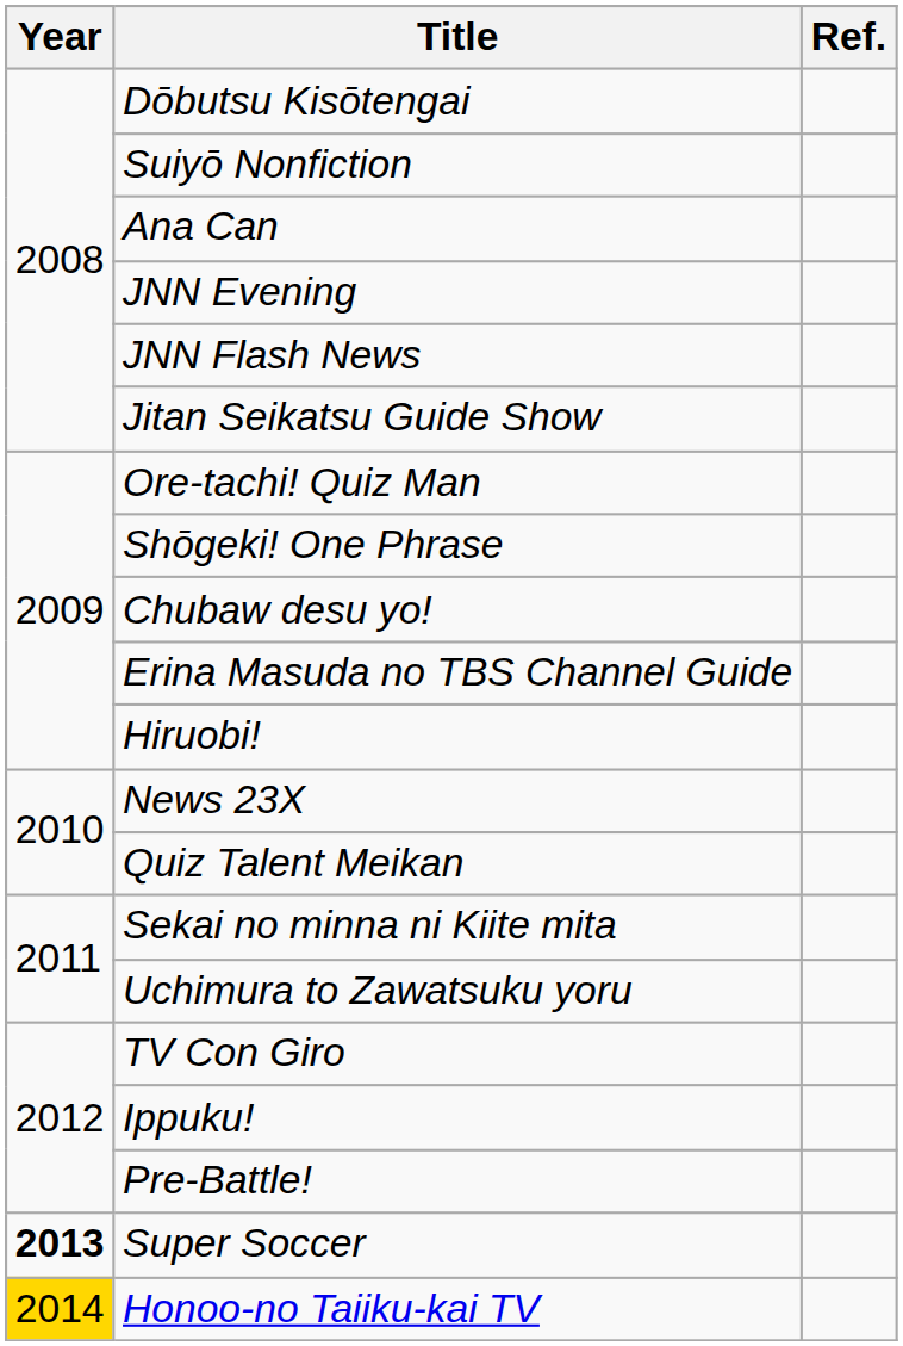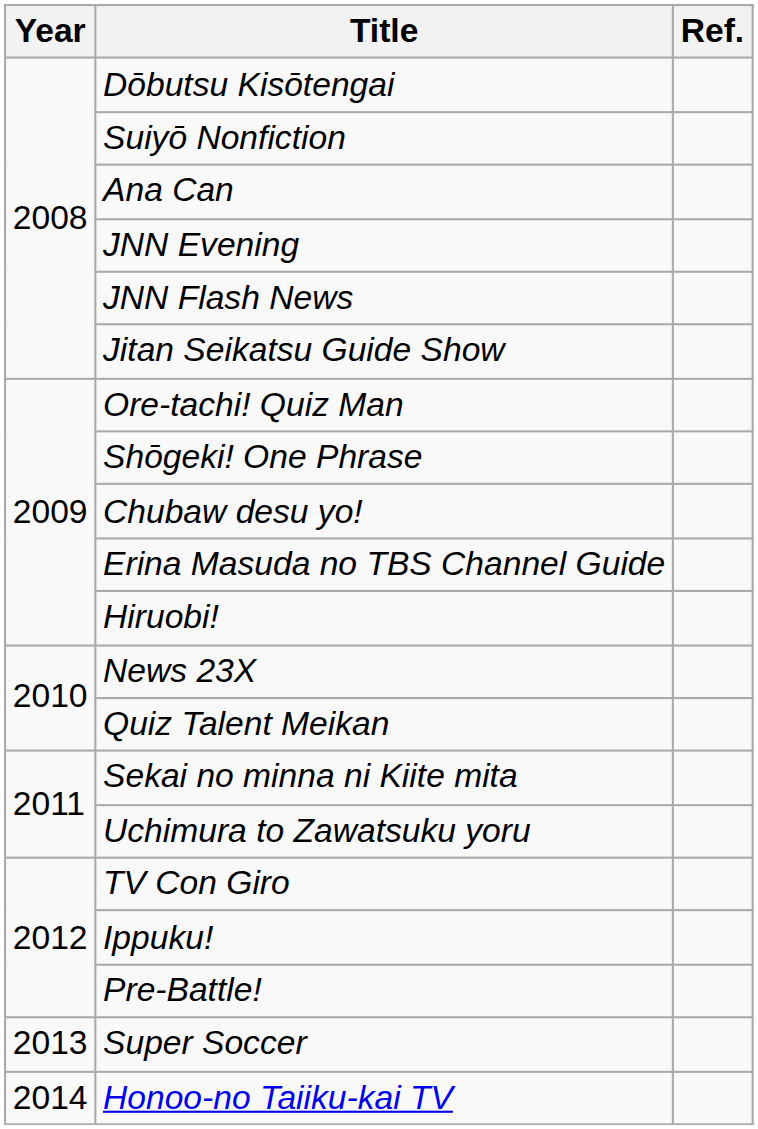 <table class="wikitable">
 <tr>
 <th>Year</th>
 <th>Title</th>
 <th>Ref.</th>
 </tr>
 <tr>
 <td rowspan="6">2008</td>
 <td><em>Dōbutsu Kisōtengai</em></td>
 <td></td>
 </tr>
 <tr>
 <td><em>Suiyō Nonfiction</em></td>
 <td></td>
 </tr>
 <tr>
 <td><em>Ana Can</em></td>
 <td></td>
 </tr>
 <tr>
 <td><em>JNN Evening</em></td>
 <td></td>
 </tr>
 <tr>
 <td><em>JNN Flash News</em></td>
 <td></td>
 </tr>
 <tr>
 <td><em>Jitan Seikatsu Guide Show</em></td>
 <td></td>
 </tr>
 <tr>
 <td rowspan="5">2009</td>
 <td><em>Ore-tachi! Quiz Man</em></td>
 <td></td>
 </tr>
 <tr>
 <td><em>Shōgeki! One Phrase</em></td>
 <td></td>
 </tr>
 <tr>
 <td><em>Chubaw desu yo!</em></td>
 <td></td>
 </tr>
 <tr>
 <td><em>Erina Masuda no TBS Channel Guide</em></td>
 <td></td>
 </tr>
 <tr>
 <td><em>Hiruobi!</em></td>
 <td></td>
 </tr>
 <tr>
 <td rowspan="2">2010</td>
 <td><em>News 23X</em></td>
 <td></td>
 </tr>
 <tr>
 <td><em>Quiz Talent Meikan</em></td>
 <td></td>
 </tr>
 <tr>
 <td rowspan="2">2011</td>
 <td><em>Sekai no minna ni Kiite mita</em></td>
 <td></td>
 </tr>
 <tr>
 <td><em>Uchimura to Zawatsuku yoru</em></td>
 <td></td>
 </tr>
 <tr>
 <td rowspan="3">2012</td>
 <td><em>TV Con Giro</em></td>
 <td></td>
 </tr>
 <tr>
 <td><em>Ippuku!</em></td>
 <td></td>
 </tr>
 <tr>
 <td><em>Pre-Battle!</em></td>
 <td></td>
 </tr>
 <tr>
-<td><strong>2013</strong></td>
+<td>2013</td>
 <td><em>Super Soccer</em></td>
 <td></td>
 </tr>
 <tr>
-<td style="background: gold;">2014</td>
+<td>2014</td>
 <td><em><a href='#'>Honoo-no Taiiku-kai TV</a></em></td>
 <td></td>
 </tr>
 </table>
